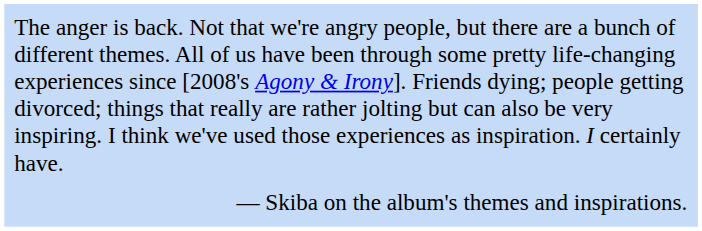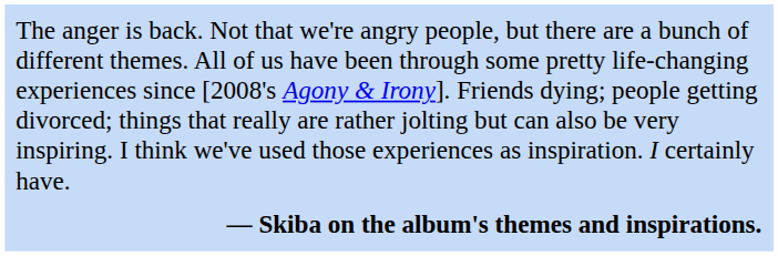 <table class="toccolours" style="float: right; margin-left: 1em; margin-right: 2em; font-size: 85%; background:#c6dbf7; color:black; width:30em; max-width: 40%;" cellspacing="5">
 <tr>
 <td style="text-align: left;">The anger is back. Not that we're angry people, but there are a bunch of different themes. All of us have been through some pretty life-changing experiences since [2008's <em><a href='#'>Agony & Irony</a></em>]. Friends dying; people getting divorced; things that really are rather jolting but can also be very inspiring. I think we've used those experiences as inspiration. <em>I</em> certainly have.</td>
 </tr>
 <tr>
-<td style="text-align: right;">— Skiba on the album's themes and inspirations.</td>
+<td style="text-align: right;"><strong>— Skiba on the album's themes and inspirations.</strong></td>
 </tr>
 </table>
